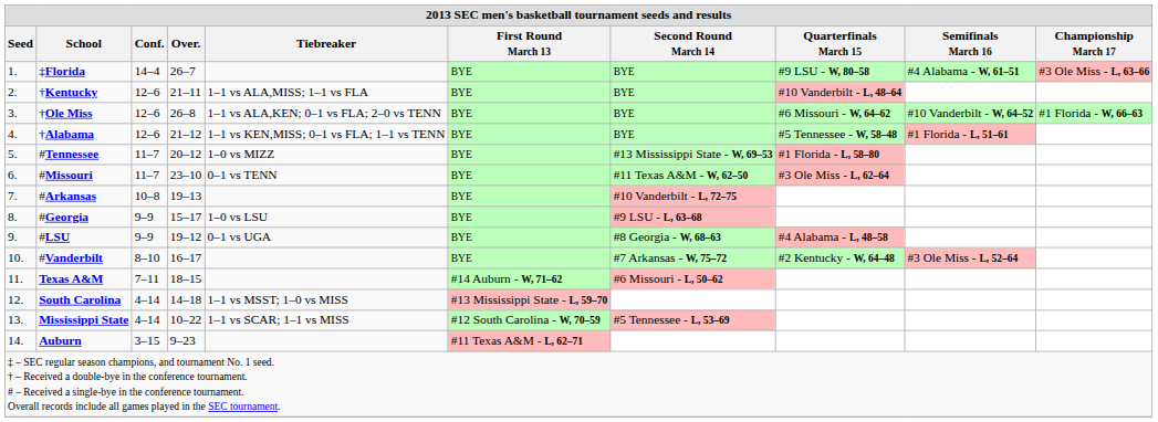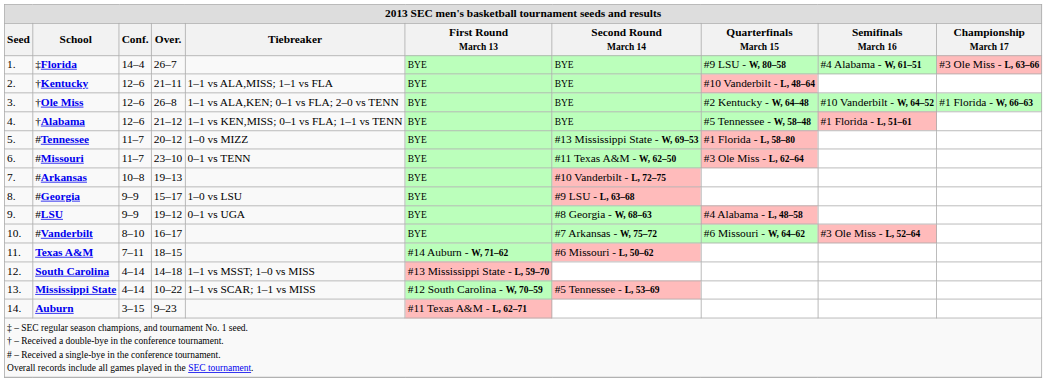 <table class="wikitable" style="white-space:nowrap; font-size:90%;">
 <tr>
 <td colspan="10" style="text-align:center; background:#DDDDDD; font:#000000"><strong>2013 SEC men's basketball tournament seeds and results</strong></td>
 </tr>
 <tr bgcolor="#efefef">
 <th>Seed</th>
 <th>School</th>
 <th>Conf.</th>
 <th>Over.</th>
 <th>Tiebreaker</th>
 <th>First Round<br><small>March 13</small></th>
 <th>Second Round<br><small>March 14</small></th>
 <th>Quarterfinals<br><small>March 15</small></th>
 <th>Semifinals<br><small>March 16</small></th>
 <th>Championship<br><small>March 17</small></th>
 </tr>
 <tr>
 <td>1.</td>
 <td>‡<strong><a href='#'>Florida</a></strong></td>
 <td>14–4</td>
 <td>26–7</td>
 <td></td>
 <td style="background:#bfb;"><small>BYE</small></td>
 <td style="background:#bfb;"><small>BYE</small></td>
 <td style="background:#bfb;">#9 LSU - <strong><small>W, 80–58</small></strong></td>
 <td style="background:#bfb;">#4 Alabama - <strong><small>W, 61–51</small></strong></td>
 <td style="background:#fbb;">#3 Ole Miss - <strong><small>L, 63–66</small></strong></td>
 </tr>
 <tr>
 <td>2.</td>
 <td>†<strong><a href='#'>Kentucky</a></strong></td>
 <td>12–6</td>
 <td>21–11</td>
 <td>1–1 vs ALA,MISS; 1–1 vs FLA</td>
 <td style="background:#bfb;"><small>BYE</small></td>
 <td style="background:#bfb;"><small>BYE</small></td>
 <td style="background:#fbb;">#10 Vanderbilt - <strong><small>L, 48–64</small></strong></td>
 <td style="background:#fff;"></td>
 <td style="background:#fff;"></td>
 </tr>
 <tr>
 <td>3.</td>
 <td>†<strong><a href='#'>Ole Miss</a></strong></td>
 <td>12–6</td>
 <td>26–8</td>
 <td>1–1 vs ALA,KEN; 0–1 vs FLA; 2–0 vs TENN</td>
 <td style="background:#bfb;"><small>BYE</small></td>
 <td style="background:#bfb;"><small>BYE</small></td>
-<td style="background:#bfb;">#6 Missouri - <strong><small>W, 64–62</small></strong></td>
+<td style="background:#bfb;">#2 Kentucky - <strong><small>W, 64–48</small></strong></td>
 <td style="background:#bfb;">#10 Vanderbilt - <strong><small>W, 64–52</small></strong></td>
 <td style="background:#bfb;">#1 Florida - <strong><small>W, 66–63</small></strong></td>
 </tr>
 <tr>
 <td>4.</td>
 <td>†<strong><a href='#'>Alabama</a></strong></td>
 <td>12–6</td>
 <td>21–12</td>
 <td>1–1 vs KEN,MISS; 0–1 vs FLA; 1–1 vs TENN</td>
 <td style="background:#bfb;"><small>BYE</small></td>
 <td style="background:#bfb;"><small>BYE</small></td>
 <td style="background:#bfb;">#5 Tennessee - <strong><small>W, 58–48</small></strong></td>
 <td style="background:#fbb;">#1 Florida - <strong><small>L, 51–61</small></strong></td>
 <td style="background:#fff;"></td>
 </tr>
 <tr>
 <td>5.</td>
 <td>#<strong><a href='#'>Tennessee</a></strong></td>
 <td>11–7</td>
 <td>20–12</td>
 <td>1–0 vs MIZZ</td>
 <td style="background:#bfb;"><small>BYE</small></td>
 <td style="background:#bfb;">#13 Mississippi State - <strong><small>W, 69–53</small></strong></td>
 <td style="background:#fbb;">#1 Florida - <strong><small>L, 58–80</small></strong></td>
 <td style="background:#fff;"></td>
 <td style="background:#fff;"></td>
 </tr>
 <tr>
 <td>6.</td>
 <td>#<strong><a href='#'>Missouri</a></strong></td>
 <td>11–7</td>
 <td>23–10</td>
 <td>0–1 vs TENN</td>
 <td style="background:#bfb;"><small>BYE</small></td>
 <td style="background:#bfb;">#11 Texas A&M - <strong><small>W, 62–50</small></strong></td>
 <td style="background:#fbb;">#3 Ole Miss - <strong><small>L, 62–64</small></strong></td>
 <td style="background:#fff;"></td>
 <td style="background:#fff;"></td>
 </tr>
 <tr>
 <td>7.</td>
 <td>#<strong><a href='#'>Arkansas</a></strong></td>
 <td>10–8</td>
 <td>19–13</td>
 <td></td>
 <td style="background:#bfb;"><small>BYE</small></td>
 <td style="background:#fbb;">#10 Vanderbilt - <strong><small>L, 72–75</small></strong></td>
 <td style="background:#fff;"></td>
 <td style="background:#fff;"></td>
 <td style="background:#fff;"></td>
 </tr>
 <tr>
 <td>8.</td>
 <td>#<strong><a href='#'>Georgia</a></strong></td>
 <td>9–9</td>
 <td>15–17</td>
 <td>1–0 vs LSU</td>
 <td style="background:#bfb;"><small>BYE</small></td>
 <td style="background:#fbb;">#9 LSU - <strong><small>L, 63–68</small></strong></td>
 <td style="background:#fff;"></td>
 <td style="background:#fff;"></td>
 <td style="background:#fff;"></td>
 </tr>
 <tr>
 <td>9.</td>
 <td>#<strong><a href='#'>LSU</a></strong></td>
 <td>9–9</td>
 <td>19–12</td>
 <td>0–1 vs UGA</td>
 <td style="background:#bfb;"><small>BYE</small></td>
 <td style="background:#bfb;">#8 Georgia - <strong><small>W, 68–63</small></strong></td>
 <td style="background:#fbb;">#4 Alabama - <strong><small>L, 48–58</small></strong></td>
 <td style="background:#fff;"></td>
 <td style="background:#fff;"></td>
 </tr>
 <tr>
 <td>10.</td>
 <td>#<strong><a href='#'>Vanderbilt</a></strong></td>
 <td>8–10</td>
 <td>16–17</td>
 <td></td>
 <td style="background:#bfb;"><small>BYE</small></td>
 <td style="background:#bfb;">#7 Arkansas - <strong><small>W, 75–72</small></strong></td>
-<td style="background:#bfb;">#2 Kentucky - <strong><small>W, 64–48</small></strong></td>
+<td style="background:#bfb;">#6 Missouri - <strong><small>W, 64–62</small></strong></td>
 <td style="background:#fbb;">#3 Ole Miss - <strong><small>L, 52–64</small></strong></td>
 <td style="background:#fff;"></td>
 </tr>
 <tr>
 <td>11.</td>
 <td><strong><a href='#'>Texas A&M</a></strong></td>
 <td>7–11</td>
 <td>18–15</td>
 <td></td>
 <td style="background:#bfb;">#14 Auburn - <strong><small>W, 71–62</small></strong></td>
 <td style="background:#fbb;">#6 Missouri - <strong><small>L, 50–62</small></strong></td>
 <td style="background:#fff;"></td>
 <td style="background:#fff;"></td>
 <td style="background:#fff;"></td>
 </tr>
 <tr>
 <td>12.</td>
 <td><strong><a href='#'>South Carolina</a></strong></td>
 <td>4–14</td>
 <td>14–18</td>
 <td>1–1 vs MSST; 1–0 vs MISS</td>
 <td style="background:#fbb;">#13 Mississippi State - <strong><small>L, 59–70</small></strong></td>
 <td style="background:#fff;"></td>
 <td style="background:#fff;"></td>
 <td style="background:#fff;"></td>
 <td style="background:#fff;"></td>
 </tr>
 <tr>
 <td>13.</td>
 <td><strong><a href='#'>Mississippi State</a></strong></td>
 <td>4–14</td>
 <td>10–22</td>
 <td>1–1 vs SCAR; 1–1 vs MISS</td>
 <td style="background:#bfb;">#12 South Carolina - <strong><small>W, 70–59</small></strong></td>
 <td style="background:#fbb;">#5 Tennessee - <strong><small>L, 53–69</small></strong></td>
 <td style="background:#fff;"></td>
 <td style="background:#fff;"></td>
 <td style="background:#fff;"></td>
 </tr>
 <tr>
 <td>14.</td>
 <td><strong><a href='#'>Auburn</a></strong></td>
 <td>3–15</td>
 <td>9–23</td>
 <td></td>
 <td style="background:#fbb;">#11 Texas A&M - <strong><small>L, 62–71</small></strong></td>
 <td style="background:#fff;"></td>
 <td style="background:#fff;"></td>
 <td style="background:#fff;"></td>
 <td style="background:#fff;"></td>
 </tr>
 <tr>
 <td colspan="10" style="text-align:left;"><small>‡ – SEC regular season champions, and tournament No. 1 seed.<br>† – Received a double-bye in the conference tournament.<br># – Received a single-bye in the conference tournament.<br>Overall records include all games played in the <a href='#'>SEC tournament</a>.</small></td>
 </tr>
 <tr>
 </tr>
 </table>
